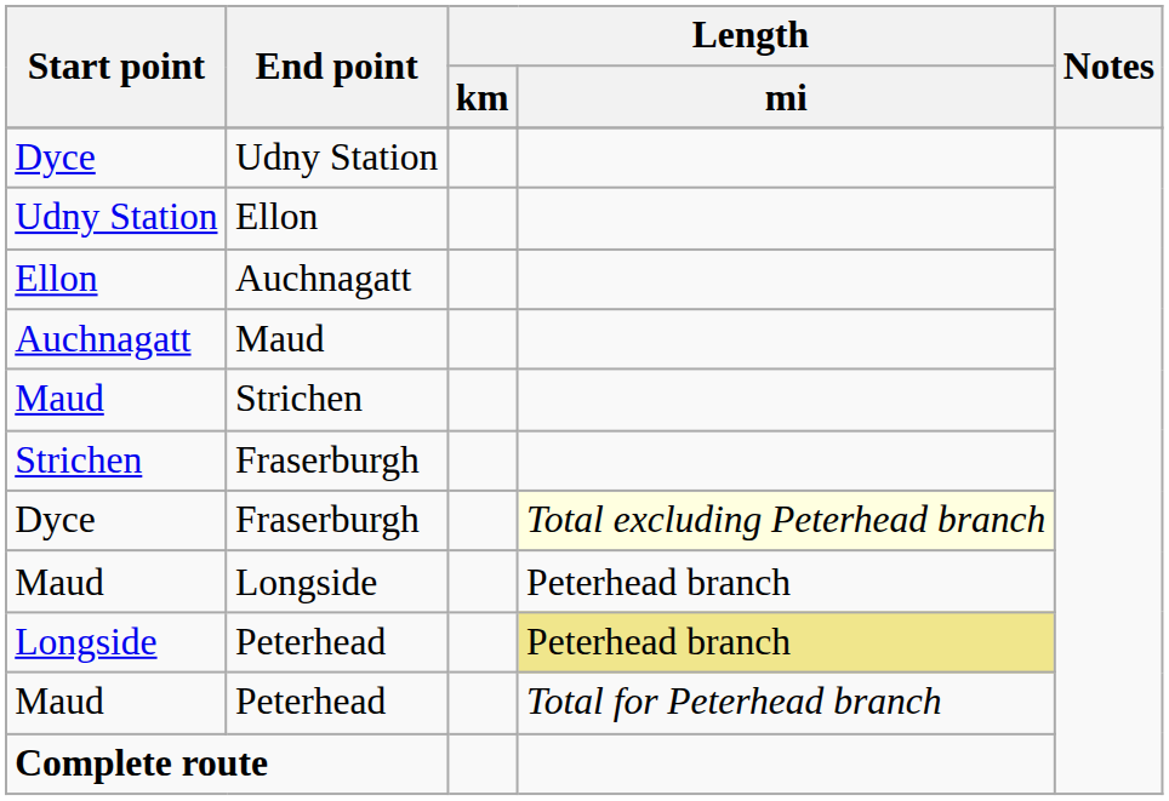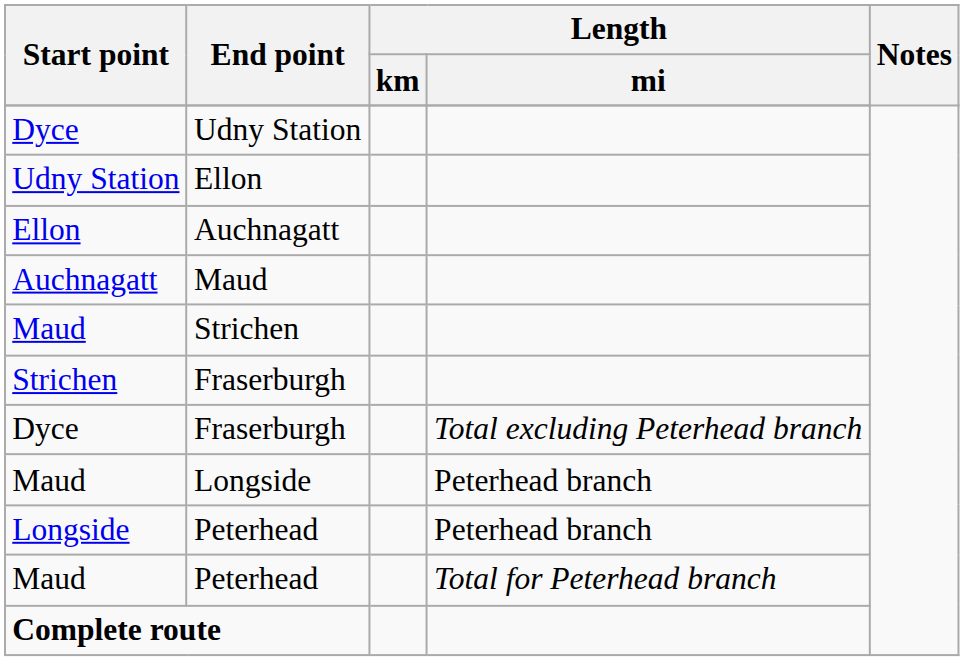 <table class="wikitable sortable">
 <tr>
 <th rowspan=2>Start point</th>
 <th rowspan=2>End point</th>
 <th colspan=2>Length</th>
 <th rowspan=2>Notes</th>
 </tr>
 <tr>
 <th>km</th>
 <th>mi</th>
 </tr>
 <tr>
 </tr>
 <tr>
 <td><a href='#'>Dyce</a></td>
 <td>Udny Station</td>
 <td></td>
 <td></td>
 </tr>
 <tr>
 <td><a href='#'>Udny Station</a></td>
 <td>Ellon</td>
 <td></td>
 <td></td>
 </tr>
 <tr>
 <td><a href='#'>Ellon</a></td>
 <td>Auchnagatt</td>
 <td></td>
 <td></td>
 </tr>
 <tr>
 <td><a href='#'>Auchnagatt</a></td>
 <td>Maud</td>
 <td></td>
 <td></td>
 </tr>
 <tr>
 <td><a href='#'>Maud</a></td>
 <td>Strichen</td>
 <td></td>
 <td></td>
 </tr>
 <tr>
 <td><a href='#'>Strichen</a></td>
 <td>Fraserburgh</td>
 <td></td>
 <td></td>
 </tr>
 <tr>
 <td>Dyce</td>
 <td>Fraserburgh</td>
 <td></td>
-<td style="background: lightyellow;"><em>Total excluding Peterhead branch</em></td>
+<td><em>Total excluding Peterhead branch</em></td>
 </tr>
 <tr>
 <td>Maud</td>
 <td>Longside</td>
 <td></td>
 <td>Peterhead branch</td>
 </tr>
 <tr>
 <td><a href='#'>Longside</a></td>
 <td>Peterhead</td>
 <td></td>
-<td style="background: khaki;">Peterhead branch</td>
+<td>Peterhead branch</td>
 </tr>
 <tr>
 <td>Maud</td>
 <td>Peterhead</td>
 <td></td>
 <td><em>Total for Peterhead branch</em></td>
 </tr>
 <tr>
 <td colspan=2><strong>Complete route</strong></td>
 <td></td>
 <td></td>
 </tr>
 </table>
